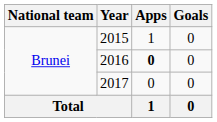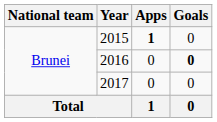 <table class="wikitable" style="text-align:center">
 <tr>
 <th>National team</th>
 <th>Year</th>
 <th>Apps</th>
 <th>Goals</th>
 </tr>
 <tr>
 <td rowspan="3"><a href='#'>Brunei</a></td>
 <td>2015</td>
-<td>1</td>
+<td><strong>1</strong></td>
 <td>0</td>
 </tr>
 <tr>
 <td>2016</td>
+<td>0</td>
 <td><strong>0</strong></td>
-<td>0</td>
 </tr>
 <tr>
 <td>2017</td>
 <td>0</td>
 <td>0</td>
 </tr>
 <tr>
 <th colspan=2>Total</th>
 <th>1</th>
 <th>0</th>
 </tr>
 </table>
